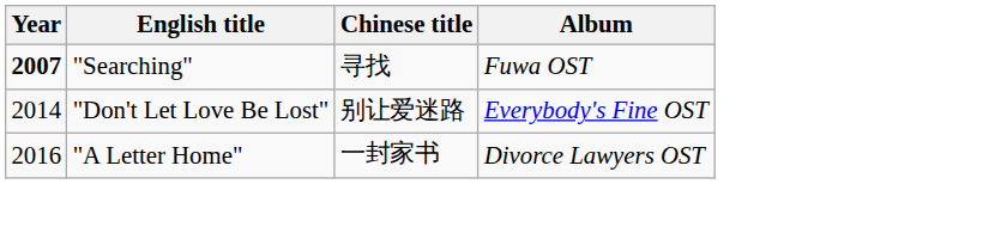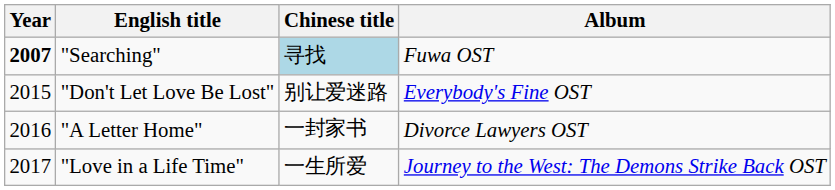 <table class="wikitable sortable">
 <tr>
 <th>Year</th>
 <th>English title</th>
 <th>Chinese title</th>
 <th>Album</th>
 </tr>
 <tr>
 <td><strong>2007</strong></td>
 <td>"Searching"</td>
-<td>寻找</td>
+<td style="background: lightblue;">寻找</td>
 <td><em>Fuwa OST</em></td>
 </tr>
 <tr>
-<td>2014</td>
+<td>2015</td>
 <td>"Don't Let Love Be Lost"</td>
 <td>别让爱迷路</td>
 <td><em><a href='#'>Everybody's Fine</a> OST</em></td>
 </tr>
 <tr>
 <td>2016</td>
 <td>"A Letter Home"</td>
 <td>一封家书</td>
 <td><em>Divorce Lawyers OST</em></td>
 </tr>
+<tr>
+<td>2017</td>
+<td>"Love in a Life Time"</td>
+<td>一生所爱</td>
+<td><em><a href='#'>Journey to the West: The Demons Strike Back</a> OST</em></td>
+</tr>
 </table>
